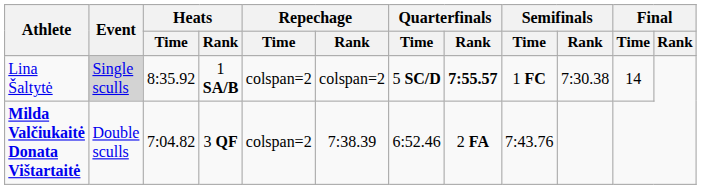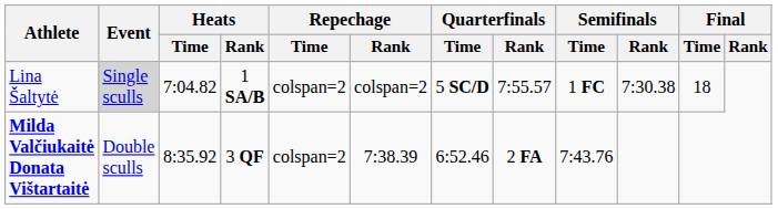 <table class="wikitable" style="font-size:90%">
 <tr>
 <th rowspan="2">Athlete</th>
 <th rowspan="2">Event</th>
 <th colspan="2">Heats</th>
 <th colspan="2">Repechage</th>
 <th colspan="2">Quarterfinals</th>
 <th colspan="2">Semifinals</th>
 <th colspan="2">Final</th>
 </tr>
 <tr style="font-size:95%">
 <th>Time</th>
 <th>Rank</th>
 <th>Time</th>
 <th>Rank</th>
 <th>Time</th>
 <th>Rank</th>
 <th>Time</th>
 <th>Rank</th>
 <th>Time</th>
 <th>Rank</th>
 </tr>
 <tr align=center>
 <td align=left><a href='#'>Lina Šaltytė</a></td>
 <td align=left style="background: lightgrey;"><a href='#'>Single sculls</a></td>
-<td>8:35.92</td>
+<td>7:04.82</td>
 <td>1 <strong>SA/B</strong></td>
 <td>colspan=2 </td>
 <td>colspan=2 </td>
 <td>5 <strong>SC/D</strong></td>
-<td><strong>7:55.57</strong></td>
+<td>7:55.57</td>
 <td>1 <strong>FC</strong></td>
 <td>7:30.38</td>
-<td>14</td>
+<td>18</td>
 </tr>
 <tr align=center>
 <td align=left><strong><a href='#'>Milda Valčiukaitė</a><br><a href='#'>Donata Vištartaitė</a></strong></td>
 <td align=left><a href='#'>Double sculls</a></td>
-<td>7:04.82</td>
+<td>8:35.92</td>
 <td>3 <strong>QF</strong></td>
 <td>colspan=2 </td>
 <td>7:38.39</td>
 <td>6:52.46</td>
 <td>2 <strong>FA</strong></td>
 <td>7:43.76</td>
 <td></td>
 </tr>
 </table>
